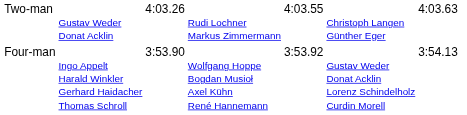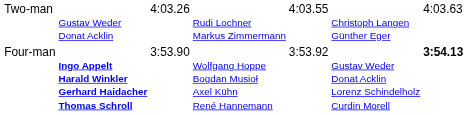 <table>
 <tr valign="top">
 <td>Two-man <br></td>
 <td><br> <small><a href='#'>Gustav Weder</a><br><a href='#'>Donat Acklin</a></small></td>
 <td>4:03.26</td>
 <td><br> <small><a href='#'>Rudi Lochner</a><br><a href='#'>Markus Zimmermann</a></small></td>
 <td>4:03.55</td>
 <td><br><small> <a href='#'>Christoph Langen</a><br><a href='#'>Günther Eger</a></small></td>
 <td>4:03.63</td>
 </tr>
 <tr valign="top">
 <td>Four-man <br></td>
-<td><br><small> <a href='#'>Ingo Appelt</a><br> <a href='#'>Harald Winkler</a> <br> <a href='#'>Gerhard Haidacher</a> <br> <a href='#'>Thomas Schroll</a></small></td>
+<td><strong><br><small> <a href='#'>Ingo Appelt</a><br> <a href='#'>Harald Winkler</a> <br> <a href='#'>Gerhard Haidacher</a> <br> <a href='#'>Thomas Schroll</a></small></strong></td>
 <td>3:53.90</td>
 <td><br><small> <a href='#'>Wolfgang Hoppe</a> <br> <a href='#'>Bogdan Musioł</a> <br> <a href='#'>Axel Kühn</a> <br>  <a href='#'>René Hannemann</a></small></td>
 <td>3:53.92</td>
 <td><br><small> <a href='#'>Gustav Weder</a> <br> <a href='#'>Donat Acklin</a> <br> <a href='#'>Lorenz Schindelholz</a> <br>  <a href='#'>Curdin Morell</a></small></td>
-<td>3:54.13</td>
+<td><strong>3:54.13</strong></td>
 </tr>
 </table>
